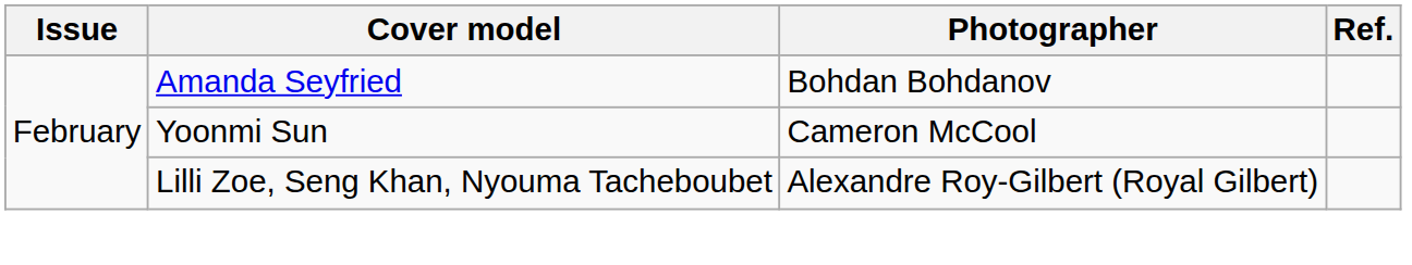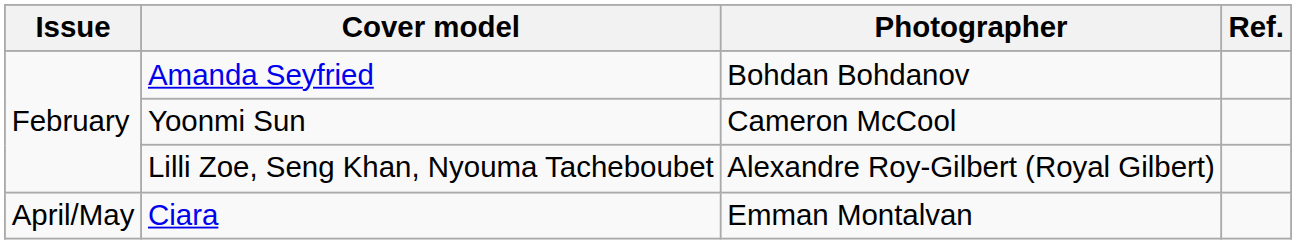 <table class="wikitable">
 <tr>
 <th>Issue</th>
 <th>Cover model</th>
 <th>Photographer</th>
 <th>Ref.</th>
 </tr>
 <tr>
 <td rowspan="3">February</td>
 <td><a href='#'>Amanda Seyfried</a></td>
 <td>Bohdan Bohdanov</td>
 <td></td>
 </tr>
 <tr>
 <td>Yoonmi Sun</td>
 <td>Cameron McCool</td>
 <td></td>
 </tr>
 <tr>
 <td>Lilli Zoe, Seng Khan, Nyouma Tacheboubet</td>
 <td>Alexandre Roy-Gilbert (Royal Gilbert)</td>
 <td></td>
 </tr>
+<tr>
+<td>April/May</td>
+<td><a href='#'>Ciara</a></td>
+<td>Emman Montalvan</td>
+<td></td>
+</tr>
 </table>
